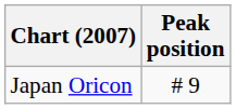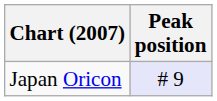 <table class="wikitable">
 <tr>
 <th>Chart (2007)</th>
 <th>Peak<br>position</th>
 </tr>
 <tr>
 <td>Japan <a href='#'>Oricon</a></td>
-<td align="center"># 9</td>
+<td align="center" style="background: lavender;"># 9</td>
 </tr>
 </table>
